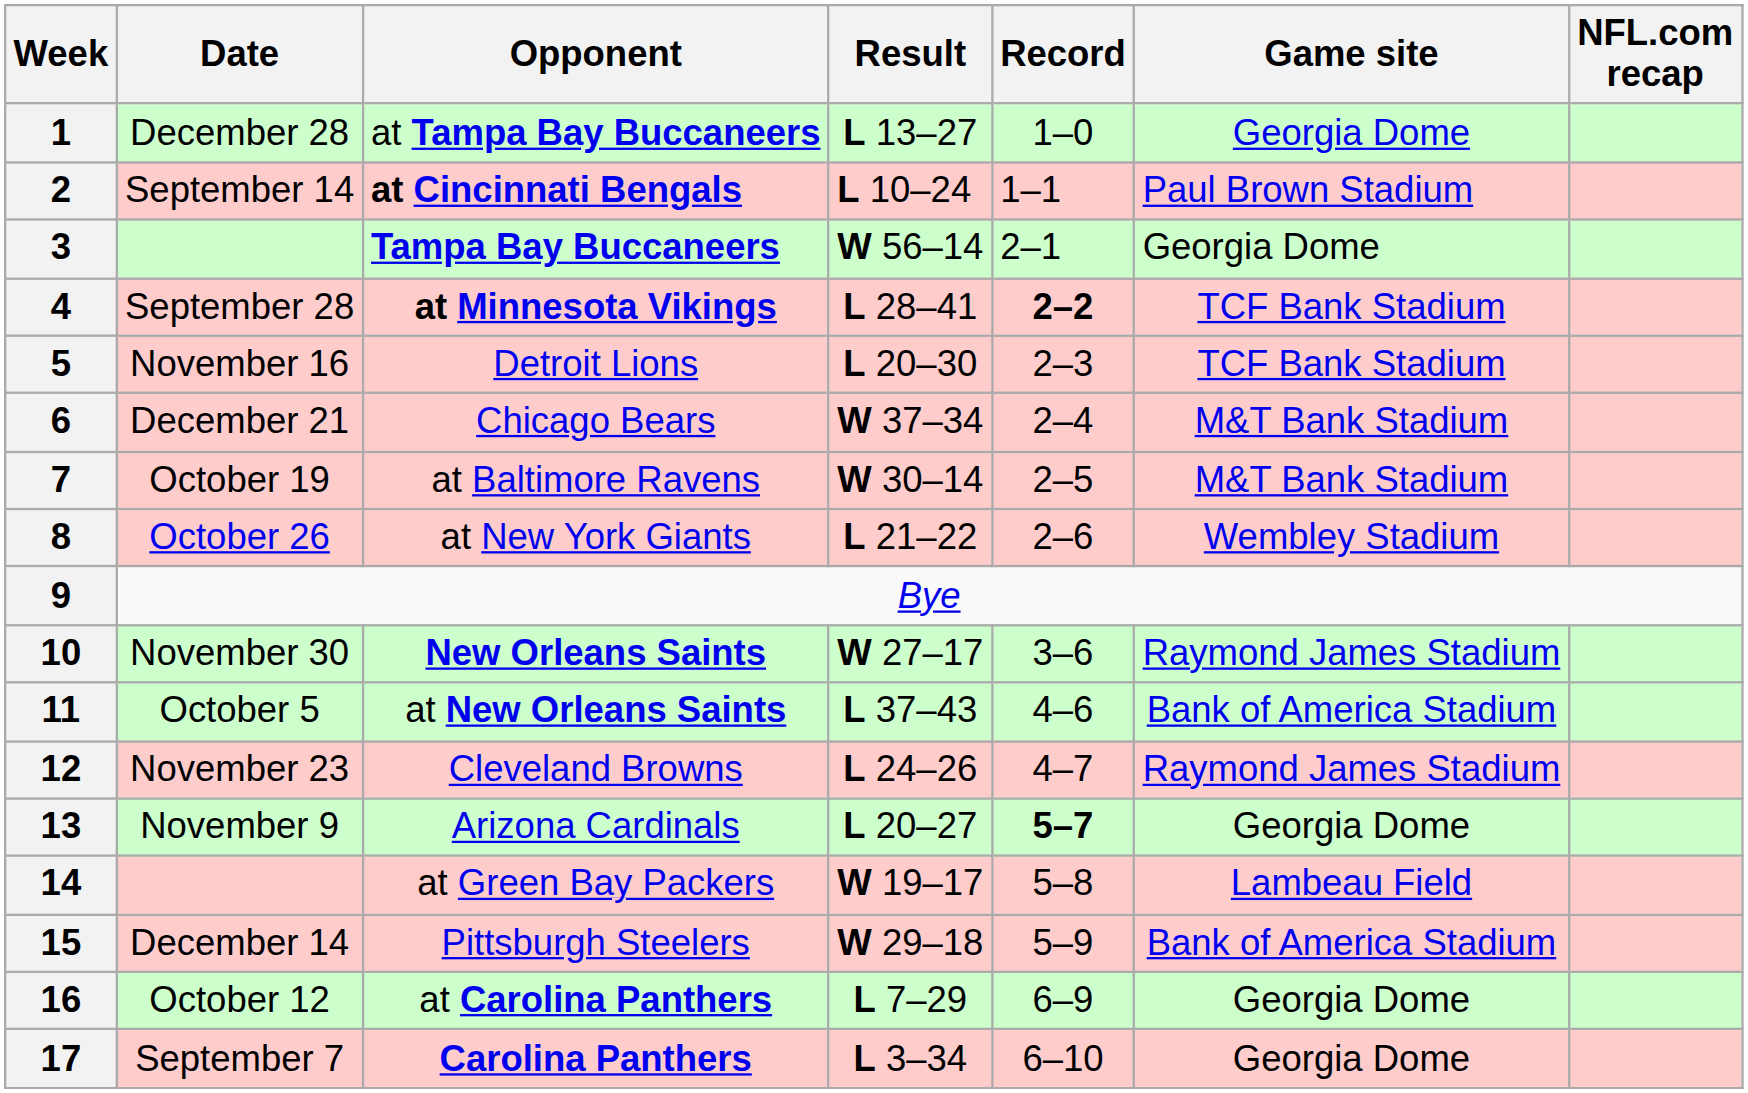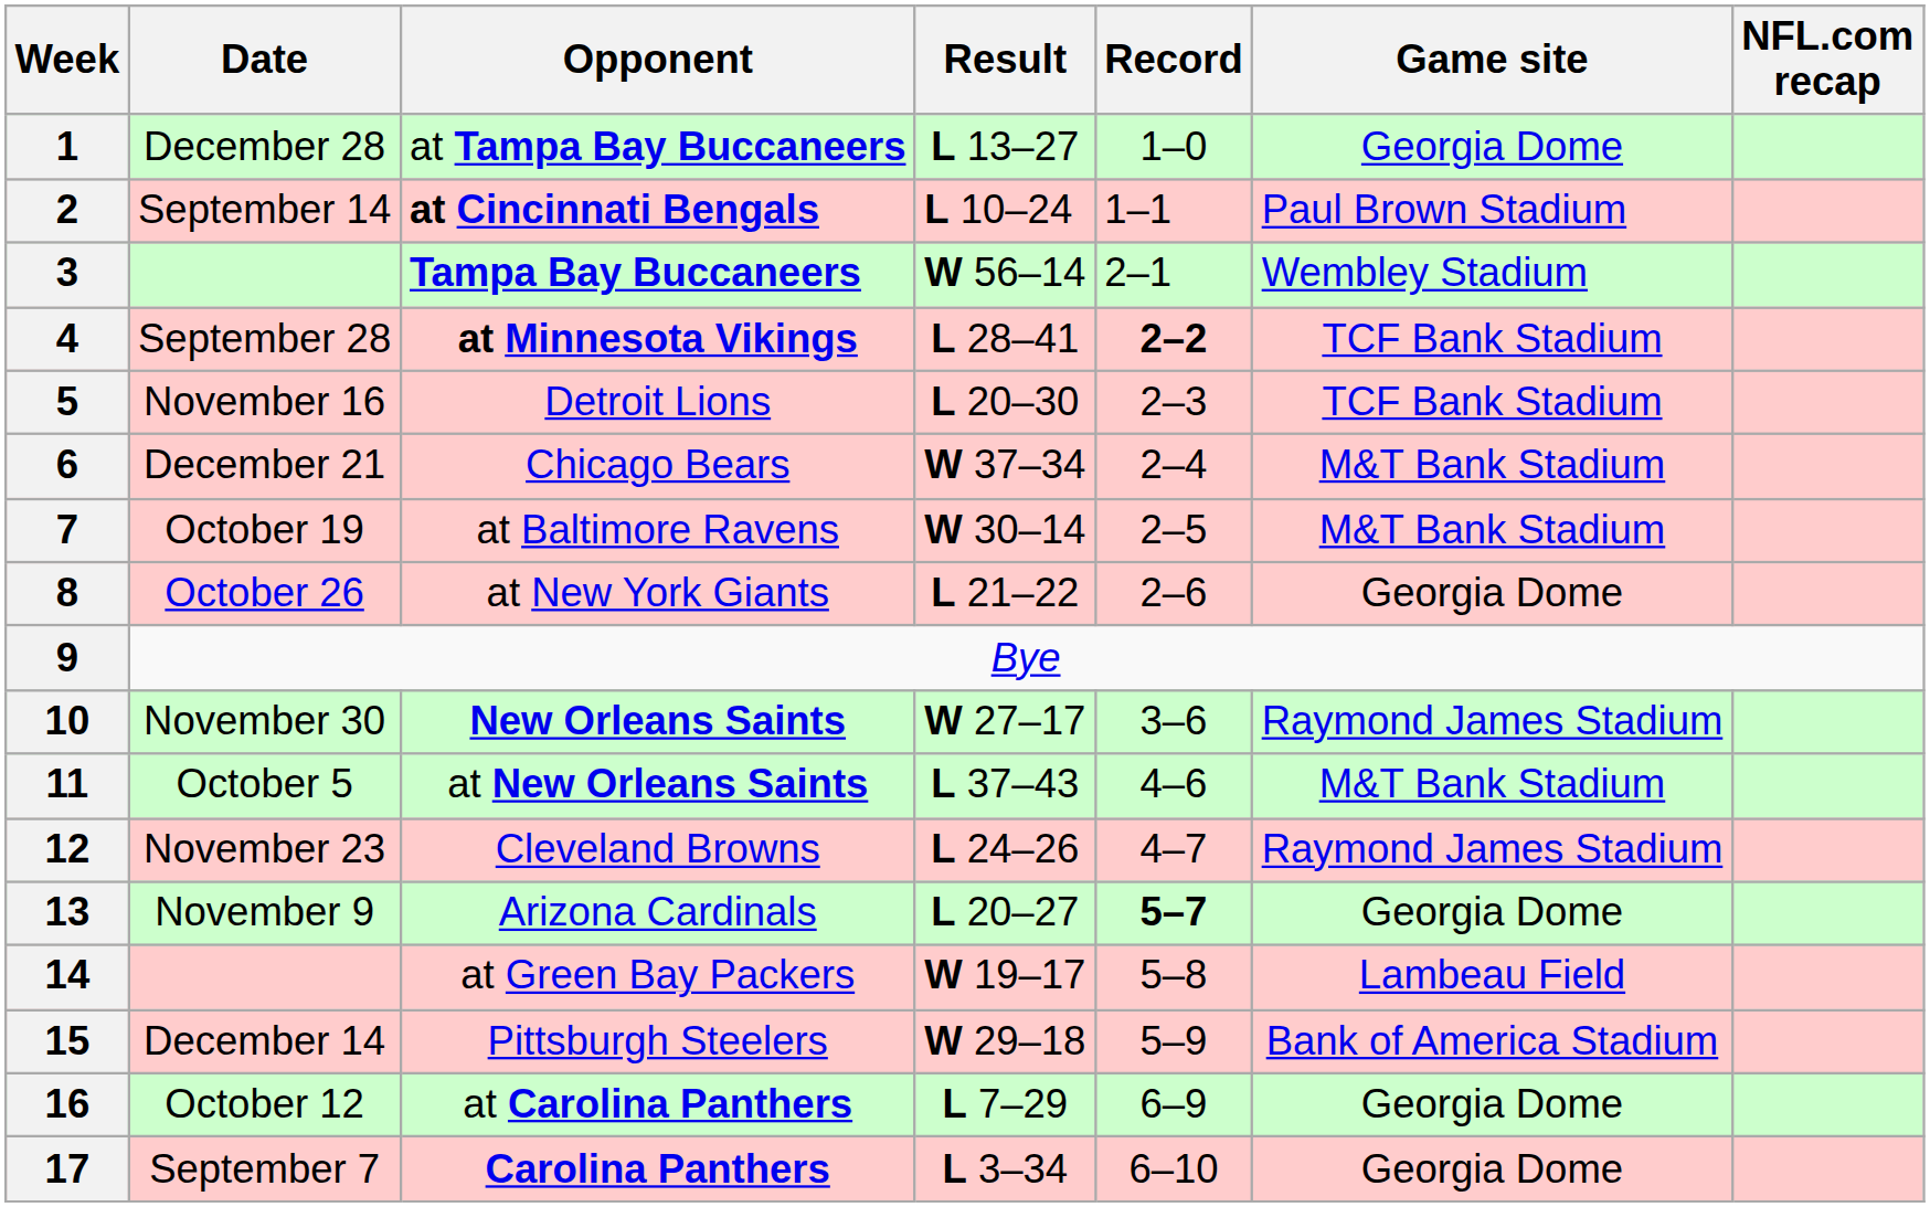 <table class="wikitable" style="align=center">
 <tr>
 <th>Week</th>
 <th>Date</th>
 <th>Opponent</th>
 <th>Result</th>
 <th>Record</th>
 <th>Game site</th>
 <th>NFL.com<br>recap</th>
 </tr>
 <tr style="background:#cfc; text-align:center;">
 <th>1</th>
 <td>December 28</td>
 <td>at <strong><a href='#'>Tampa Bay Buccaneers</a></strong></td>
 <td><strong>L</strong> 13–27</td>
 <td>1–0</td>
 <td><a href='#'>Georgia Dome</a></td>
 <td></td>
 </tr>
 <tr style="background:#fcc">
 <th>2</th>
 <td>September 14</td>
 <td><strong>at <a href='#'>Cincinnati Bengals</a></strong></td>
 <td><strong>L</strong> 10–24</td>
 <td>1–1</td>
 <td><a href='#'>Paul Brown Stadium</a></td>
 <td></td>
 </tr>
 <tr style="background:#cfc">
 <th>3</th>
 <td></td>
 <td><strong><a href='#'>Tampa Bay Buccaneers</a></strong></td>
 <td><strong>W</strong> 56–14</td>
 <td>2–1</td>
-<td>Georgia Dome</td>
+<td><a href='#'>Wembley Stadium</a> </td>
 <td></td>
 </tr>
 <tr style="background:#fcc; text-align:center;">
 <th>4</th>
 <td>September 28</td>
 <td><strong>at <a href='#'>Minnesota Vikings</a></strong></td>
 <td><strong>L</strong> 28–41</td>
 <td><strong>2–2</strong></td>
 <td><a href='#'>TCF Bank Stadium</a></td>
 <td></td>
 </tr>
 <tr style="background:#fcc; text-align:center;">
 <th>5</th>
 <td>November 16</td>
 <td><a href='#'>Detroit Lions</a></td>
 <td><strong>L</strong> 20–30</td>
 <td>2–3</td>
 <td><a href='#'>TCF Bank Stadium</a></td>
 <td></td>
 </tr>
 <tr style="background:#fcc; text-align:center;">
 <th>6</th>
 <td>December 21</td>
 <td><a href='#'>Chicago Bears</a></td>
 <td><strong>W</strong> 37–34 </td>
 <td>2–4</td>
 <td><a href='#'>M&T Bank Stadium</a></td>
 <td></td>
 </tr>
 <tr style="background:#fcc; text-align:center;">
 <th>7</th>
 <td>October 19</td>
 <td>at <a href='#'>Baltimore Ravens</a></td>
 <td><strong>W</strong> 30–14</td>
 <td>2–5</td>
 <td><a href='#'>M&T Bank Stadium</a></td>
 <td></td>
 </tr>
 <tr style="background:#fcc; text-align:center;">
 <th>8</th>
 <td><a href='#'>October 26</a></td>
 <td>at <a href='#'>New York Giants</a></td>
 <td><strong>L</strong> 21–22</td>
 <td>2–6</td>
-<td><a href='#'>Wembley Stadium</a> </td>
+<td>Georgia Dome</td>
 <td></td>
 </tr>
 <tr>
 <th>9</th>
 <td colspan="6" style="text-align:center;"><em><a href='#'>Bye</a></em></td>
 </tr>
 <tr style="background:#cfc; text-align:center;">
 <th>10</th>
 <td>November 30</td>
 <td><strong><a href='#'>New Orleans Saints</a></strong></td>
 <td><strong>W</strong> 27–17</td>
 <td>3–6</td>
 <td><a href='#'>Raymond James Stadium</a></td>
 <td></td>
 </tr>
 <tr style="background:#cfc; text-align:center;">
 <th>11</th>
 <td>October 5</td>
 <td>at <strong><a href='#'>New Orleans Saints</a></strong></td>
 <td><strong>L</strong> 37–43</td>
 <td>4–6</td>
-<td><a href='#'>Bank of America Stadium</a></td>
+<td><a href='#'>M&T Bank Stadium</a></td>
 <td></td>
 </tr>
 <tr style="background:#fcc; text-align:center;">
 <th>12</th>
 <td>November 23</td>
 <td><a href='#'>Cleveland Browns</a></td>
 <td><strong>L</strong> 24–26</td>
 <td>4–7</td>
 <td><a href='#'>Raymond James Stadium</a></td>
 <td></td>
 </tr>
 <tr style="background:#cfc; text-align:center;">
 <th>13</th>
 <td>November 9</td>
 <td><a href='#'>Arizona Cardinals</a></td>
 <td><strong>L</strong> 20–27</td>
 <td><strong>5–7</strong></td>
 <td>Georgia Dome</td>
 <td></td>
 </tr>
 <tr style="background:#fcc; text-align:center;">
 <th>14</th>
 <td></td>
 <td>at <a href='#'>Green Bay Packers</a></td>
 <td><strong>W</strong> 19–17</td>
 <td>5–8</td>
 <td><a href='#'>Lambeau Field</a></td>
 <td></td>
 </tr>
 <tr style="background:#fcc; text-align:center;">
 <th>15</th>
 <td>December 14</td>
 <td><a href='#'>Pittsburgh Steelers</a></td>
 <td><strong>W</strong> 29–18</td>
 <td>5–9</td>
 <td><a href='#'>Bank of America Stadium</a></td>
 <td></td>
 </tr>
 <tr style="background:#cfc; text-align:center;">
 <th>16</th>
 <td>October 12</td>
 <td>at <strong><a href='#'>Carolina Panthers</a></strong></td>
 <td><strong>L</strong> 7–29</td>
 <td>6–9</td>
 <td>Georgia Dome</td>
 <td></td>
 </tr>
 <tr style="background:#fcc; text-align:center;">
 <th>17</th>
 <td>September 7</td>
 <td><strong><a href='#'>Carolina Panthers</a></strong></td>
 <td><strong>L</strong> 3–34</td>
 <td>6–10</td>
 <td>Georgia Dome</td>
 <td></td>
 </tr>
 </table>
